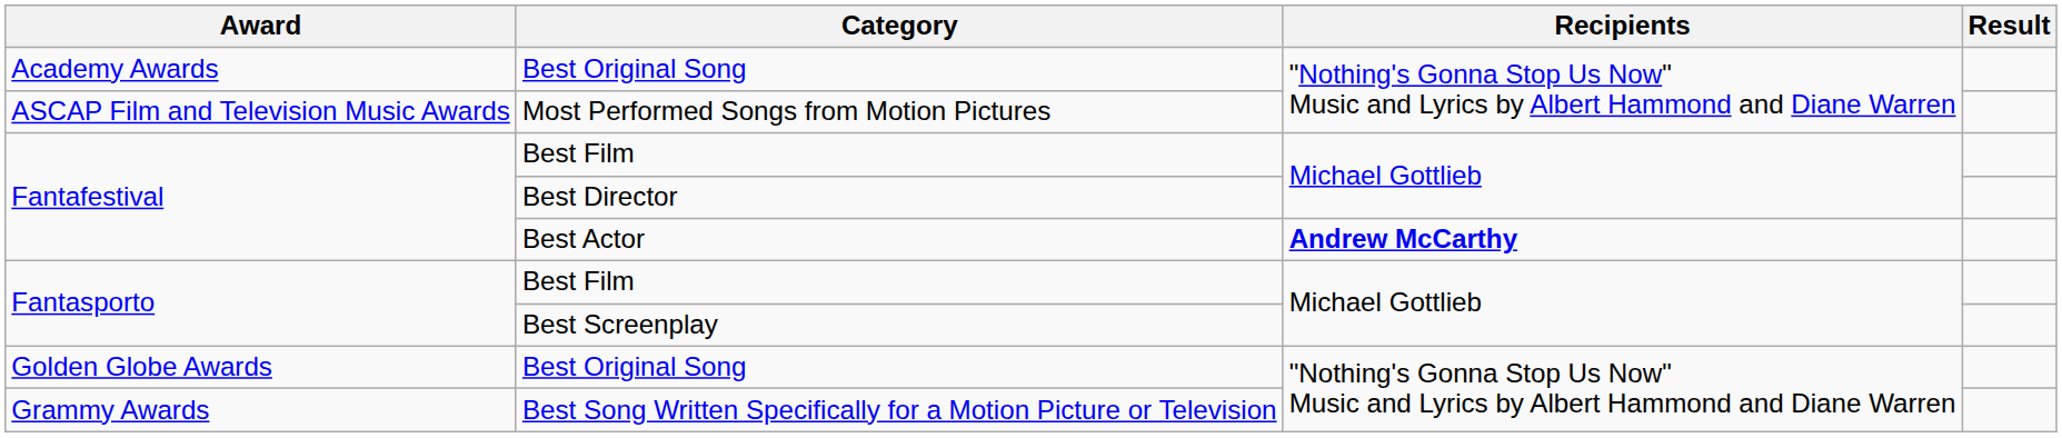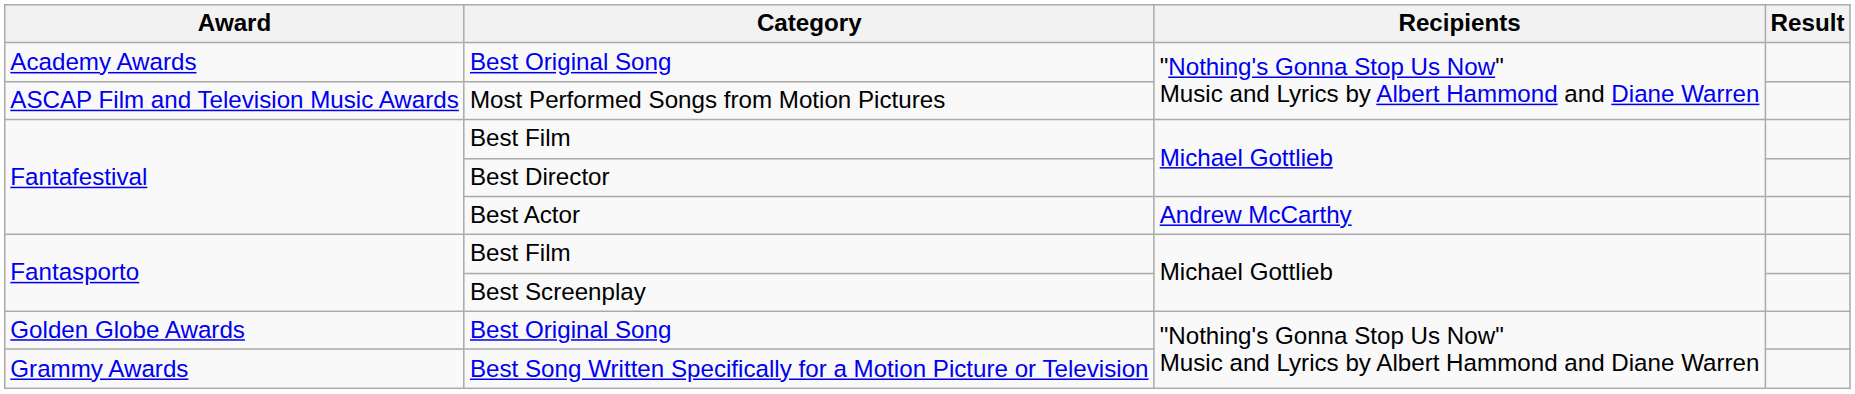 <table class="wikitable sortable">
 <tr>
 <th>Award</th>
 <th>Category</th>
 <th>Recipients</th>
 <th>Result</th>
 </tr>
 <tr>
 <td><a href='#'>Academy Awards</a></td>
 <td><a href='#'>Best Original Song</a></td>
 <td rowspan="2">"<a href='#'>Nothing's Gonna Stop Us Now</a>" <br> Music and Lyrics by <a href='#'>Albert Hammond</a> and <a href='#'>Diane Warren</a></td>
 <td></td>
 </tr>
 <tr>
 <td><a href='#'>ASCAP Film and Television Music Awards</a></td>
 <td>Most Performed Songs from Motion Pictures</td>
 <td></td>
 </tr>
 <tr>
 <td rowspan="3"><a href='#'>Fantafestival</a></td>
 <td>Best Film</td>
 <td rowspan="2"><a href='#'>Michael Gottlieb</a></td>
 <td></td>
 </tr>
 <tr>
 <td>Best Director</td>
 <td></td>
 </tr>
 <tr>
 <td>Best Actor</td>
-<td><strong><a href='#'>Andrew McCarthy</a></strong></td>
+<td><a href='#'>Andrew McCarthy</a></td>
 <td></td>
 </tr>
 <tr>
 <td rowspan="2"><a href='#'>Fantasporto</a></td>
 <td>Best Film</td>
 <td rowspan="2">Michael Gottlieb</td>
 <td></td>
 </tr>
 <tr>
 <td>Best Screenplay</td>
 <td></td>
 </tr>
 <tr>
 <td><a href='#'>Golden Globe Awards</a></td>
 <td><a href='#'>Best Original Song</a></td>
 <td rowspan="2">"Nothing's Gonna Stop Us Now" <br> Music and Lyrics by Albert Hammond and Diane Warren</td>
 <td></td>
 </tr>
 <tr>
 <td><a href='#'>Grammy Awards</a></td>
 <td><a href='#'>Best Song Written Specifically for a Motion Picture or Television</a></td>
 <td></td>
 </tr>
 </table>
